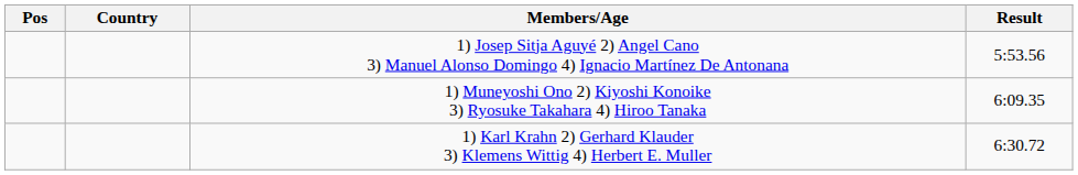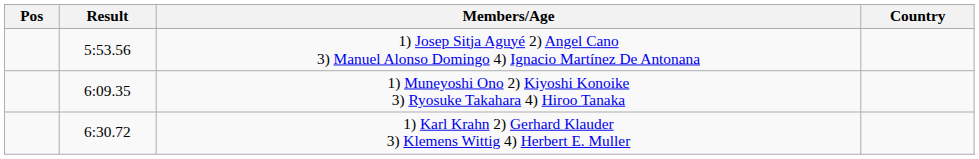 <table class="wikitable"  style="text-align:center; width:80%;">
 <tr>
 <th>Pos</th>
+<th>Result</th>
+<th>Members/Age</th>
 <th>Country</th>
-<th>Members/Age</th>
-<th>Result</th>
 </tr>
 <tr>
 <td align=center></td>
+<td>5:53.56</td>
+<td>1) <a href='#'>Josep Sitja Aguyé</a> 2) <a href='#'>Angel Cano</a><br>3) <a href='#'>Manuel Alonso Domingo</a> 4) <a href='#'>Ignacio Martínez De Antonana</a></td>
 <td align=left></td>
-<td>1) <a href='#'>Josep Sitja Aguyé</a> 2) <a href='#'>Angel Cano</a><br>3) <a href='#'>Manuel Alonso Domingo</a> 4) <a href='#'>Ignacio Martínez De Antonana</a></td>
-<td>5:53.56</td>
 </tr>
 <tr>
 <td align=center></td>
+<td>6:09.35</td>
+<td>1) <a href='#'>Muneyoshi Ono</a> 2) <a href='#'>Kiyoshi Konoike</a><br>3) <a href='#'>Ryosuke Takahara</a> 4) <a href='#'>Hiroo Tanaka</a></td>
 <td align=left></td>
-<td>1) <a href='#'>Muneyoshi Ono</a> 2) <a href='#'>Kiyoshi Konoike</a><br>3) <a href='#'>Ryosuke Takahara</a> 4) <a href='#'>Hiroo Tanaka</a></td>
-<td>6:09.35</td>
 </tr>
 <tr>
 <td align=center></td>
+<td>6:30.72</td>
+<td>1) <a href='#'>Karl Krahn</a> 2) <a href='#'>Gerhard Klauder</a><br>3) <a href='#'>Klemens Wittig</a> 4) <a href='#'>Herbert E. Muller</a></td>
 <td align=left></td>
-<td>1) <a href='#'>Karl Krahn</a> 2) <a href='#'>Gerhard Klauder</a><br>3) <a href='#'>Klemens Wittig</a> 4) <a href='#'>Herbert E. Muller</a></td>
-<td>6:30.72</td>
 </tr>
 </table>
